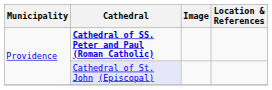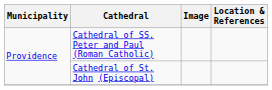 <table width=65% class="wikitable">
 <tr>
 <th width = 10%>Municipality</th>
 <th width = 40%>Cathedral</th>
 <th width = 5%>Image</th>
 <th width = 10%>Location & References</th>
 </tr>
 <tr>
 <td rowspan=2><a href='#'>Providence</a></td>
-<td><strong><a href='#'>Cathedral of SS. Peter and Paul</a> <a href='#'>(Roman Catholic)</a></strong></td>
+<td><a href='#'>Cathedral of SS. Peter and Paul</a> <a href='#'>(Roman Catholic)</a></td>
 <td></td>
 <td><small></small><br></td>
 </tr>
 <tr>
-<td style="background: lavender;"><a href='#'>Cathedral of St. John</a> <a href='#'>(Episcopal)</a></td>
+<td><a href='#'>Cathedral of St. John</a> <a href='#'>(Episcopal)</a></td>
 <td></td>
 <td><small></small><br></td>
 </tr>
 <tr>
 </tr>
 </table>
